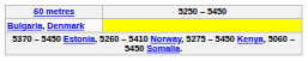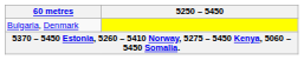 <table class="wikitable" style="font-size:70%">
 <tr>
 <th width=120px><a href='#'>60 metres</a></th>
 <th width=250px>5250 – 5450</th>
 </tr>
 <tr>
-<td><strong><a href='#'>Bulgaria</a>, <a href='#'>Denmark</a></strong></td>
+<td><a href='#'>Bulgaria</a>, <a href='#'>Denmark</a></td>
 <td style="background-color: yellow"></td>
 </tr>
 <tr>
 <th colspan=14>5370 – 5450 <a href='#'>Estonia</a>, 5260 – 5410 <a href='#'>Norway</a>, 5275 – 5450 <a href='#'>Kenya</a>, 5060 – 5450 <a href='#'>Somalia</a>.</th>
 </tr>
 </table>
